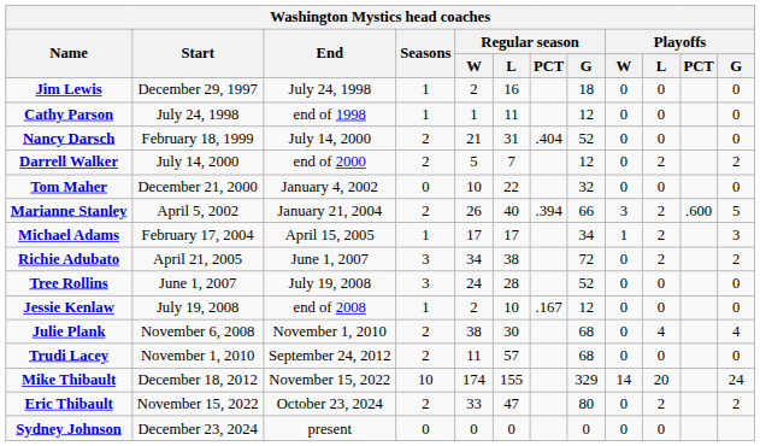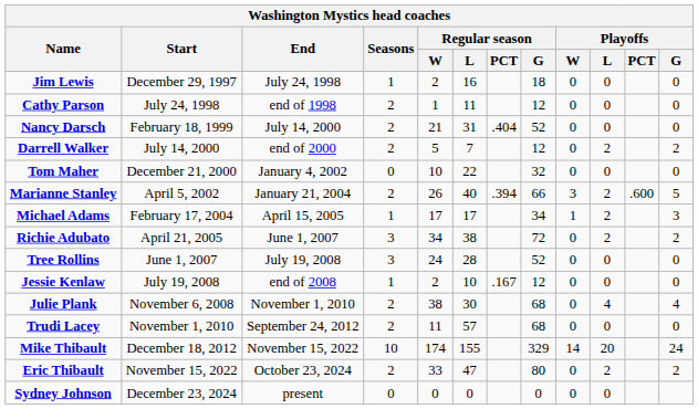 <table class="wikitable"  style="clear:both; margin:1.5em auto; text-align:center;">
 <tr>
 <th colspan="12">Washington Mystics head coaches</th>
 </tr>
 <tr>
 <th rowspan="2">Name</th>
 <th rowspan="2">Start</th>
 <th rowspan="2">End</th>
 <th rowspan="2">Seasons</th>
 <th colspan="4">Regular season</th>
 <th colspan="4">Playoffs</th>
 </tr>
 <tr>
 <th>W</th>
 <th>L</th>
 <th>PCT</th>
 <th>G</th>
 <th>W</th>
 <th>L</th>
 <th>PCT</th>
 <th>G</th>
 </tr>
 <tr>
 <td><strong><a href='#'>Jim Lewis</a></strong></td>
 <td>December 29, 1997</td>
 <td>July 24, 1998</td>
 <td>1</td>
 <td style="width:5%;">2</td>
 <td style="width:5%;">16</td>
 <td style="width:5%;"></td>
 <td style="width:5%;">18</td>
 <td style="width:5%;">0</td>
 <td style="width:5%;">0</td>
 <td style="width:5%;"></td>
 <td style="width:5%;">0</td>
 </tr>
 <tr>
 <td><strong><a href='#'>Cathy Parson</a></strong></td>
 <td>July 24, 1998</td>
 <td>end of <a href='#'>1998</a></td>
-<td>1</td>
+<td>2</td>
 <td style="width:5%;">1</td>
 <td style="width:5%;">11</td>
 <td style="width:5%;"></td>
 <td style="width:5%;">12</td>
 <td style="width:5%;">0</td>
 <td style="width:5%;">0</td>
 <td style="width:5%;"></td>
 <td style="width:5%;">0</td>
 </tr>
 <tr>
 <td><strong><a href='#'>Nancy Darsch</a></strong></td>
 <td>February 18, 1999</td>
 <td>July 14, 2000</td>
 <td>2</td>
 <td style="width:5%;">21</td>
 <td style="width:5%;">31</td>
 <td style="width:5%;">.404</td>
 <td style="width:5%;">52</td>
 <td style="width:5%;">0</td>
 <td style="width:5%;">0</td>
 <td style="width:5%;"></td>
 <td style="width:5%;">0</td>
 </tr>
 <tr>
 <td><strong><a href='#'>Darrell Walker</a></strong></td>
 <td>July 14, 2000</td>
 <td>end of <a href='#'>2000</a></td>
 <td>2</td>
 <td style="width:5%;">5</td>
 <td style="width:5%;">7</td>
 <td style="width:5%;"></td>
 <td style="width:5%;">12</td>
 <td style="width:5%;">0</td>
 <td style="width:5%;">2</td>
 <td style="width:5%;"></td>
 <td style="width:5%;">2</td>
 </tr>
 <tr>
 <td><strong><a href='#'>Tom Maher</a></strong></td>
 <td>December 21, 2000</td>
 <td>January 4, 2002</td>
 <td>0</td>
 <td style="width:5%;">10</td>
 <td style="width:5%;">22</td>
 <td style="width:5%;"></td>
 <td style="width:5%;">32</td>
 <td style="width:5%;">0</td>
 <td style="width:5%;">0</td>
 <td style="width:5%;"></td>
 <td style="width:5%;">0</td>
 </tr>
 <tr>
 <td><strong><a href='#'>Marianne Stanley</a></strong></td>
 <td>April 5, 2002</td>
 <td>January 21, 2004</td>
 <td>2</td>
 <td style="width:5%;">26</td>
 <td style="width:5%;">40</td>
 <td style="width:5%;">.394</td>
 <td style="width:5%;">66</td>
 <td style="width:5%;">3</td>
 <td style="width:5%;">2</td>
 <td style="width:5%;">.600</td>
 <td style="width:5%;">5</td>
 </tr>
 <tr>
 <td><strong><a href='#'>Michael Adams</a></strong></td>
 <td>February 17, 2004</td>
 <td>April 15, 2005</td>
 <td>1</td>
 <td style="width:5%;">17</td>
 <td style="width:5%;">17</td>
 <td style="width:5%;"></td>
 <td style="width:5%;">34</td>
 <td style="width:5%;">1</td>
 <td style="width:5%;">2</td>
 <td style="width:5%;"></td>
 <td style="width:5%;">3</td>
 </tr>
 <tr>
 <td><strong><a href='#'>Richie Adubato</a></strong></td>
 <td>April 21, 2005</td>
 <td>June 1, 2007</td>
 <td>3</td>
 <td style="width:5%;">34</td>
 <td style="width:5%;">38</td>
 <td style="width:5%;"></td>
 <td style="width:5%;">72</td>
 <td style="width:5%;">0</td>
 <td style="width:5%;">2</td>
 <td style="width:5%;"></td>
 <td style="width:5%;">2</td>
 </tr>
 <tr>
 <td><strong><a href='#'>Tree Rollins</a></strong></td>
 <td>June 1, 2007</td>
 <td>July 19, 2008</td>
 <td>3</td>
 <td style="width:5%;">24</td>
 <td style="width:5%;">28</td>
 <td style="width:5%;"></td>
 <td style="width:5%;">52</td>
 <td style="width:5%;">0</td>
 <td style="width:5%;">0</td>
 <td style="width:5%;"></td>
 <td style="width:5%;">0</td>
 </tr>
 <tr>
 <td><strong><a href='#'>Jessie Kenlaw</a></strong></td>
 <td>July 19, 2008</td>
 <td>end of <a href='#'>2008</a></td>
 <td>1</td>
 <td style="width:5%;">2</td>
 <td style="width:5%;">10</td>
 <td style="width:5%;">.167</td>
 <td style="width:5%;">12</td>
 <td style="width:5%;">0</td>
 <td style="width:5%;">0</td>
 <td style="width:5%;"></td>
 <td style="width:5%;">0</td>
 </tr>
 <tr>
 <td><strong><a href='#'>Julie Plank</a></strong></td>
 <td>November 6, 2008</td>
 <td>November 1, 2010</td>
 <td>2</td>
 <td style="width:5%;">38</td>
 <td style="width:5%;">30</td>
 <td style="width:5%;"></td>
 <td style="width:5%;">68</td>
 <td style="width:5%;">0</td>
 <td style="width:5%;">4</td>
 <td style="width:5%;"></td>
 <td style="width:5%;">4</td>
 </tr>
 <tr>
 <td><strong><a href='#'>Trudi Lacey</a></strong></td>
 <td>November 1, 2010</td>
 <td>September 24, 2012</td>
 <td>2</td>
 <td style="width:5%;">11</td>
 <td style="width:5%;">57</td>
 <td style="width:5%;"></td>
 <td style="width:5%;">68</td>
 <td style="width:5%;">0</td>
 <td style="width:5%;">0</td>
 <td style="width:5%;"></td>
 <td style="width:5%;">0</td>
 </tr>
 <tr>
 <td><strong><a href='#'>Mike Thibault</a></strong></td>
 <td>December 18, 2012</td>
 <td>November 15, 2022</td>
 <td>10</td>
 <td style="width:5%;">174</td>
 <td style="width:5%;">155</td>
 <td style="width:5%;"></td>
 <td style="width:5%;">329</td>
 <td style="width:5%;">14</td>
 <td style="width:5%;">20</td>
 <td style="width:5%;"></td>
 <td style="width:5%;">24</td>
 </tr>
 <tr>
 <td><strong><a href='#'>Eric Thibault</a></strong></td>
 <td>November  15, 2022</td>
 <td>October 23, 2024</td>
 <td>2</td>
 <td style="width:5%;">33</td>
 <td style="width:5%;">47</td>
 <td style="width:5%;"></td>
 <td style="width:5%;">80</td>
 <td style="width:5%;">0</td>
 <td style="width:5%;">2</td>
 <td style="width:5%;"></td>
 <td style="width:5%;">2</td>
 </tr>
 <tr>
 <td><strong><a href='#'>Sydney Johnson</a></strong></td>
 <td>December 23, 2024</td>
 <td>present</td>
 <td>0</td>
 <td>0</td>
 <td>0</td>
 <td></td>
 <td>0</td>
 <td>0</td>
 <td>0</td>
 <td></td>
 <td></td>
 </tr>
 </table>
